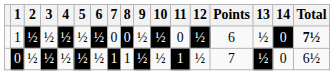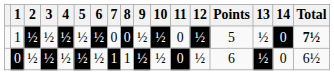 <table class="wikitable" style="text-align:center">
 <tr>
 <th></th>
 <th>1</th>
 <th>2</th>
 <th>3</th>
 <th>4</th>
 <th>5</th>
 <th>6</th>
 <th>7</th>
 <th>8</th>
 <th>9</th>
 <th>10</th>
 <th>11</th>
 <th>12</th>
 <th>Points</th>
 <th>13</th>
 <th>14</th>
 <th>Total</th>
 </tr>
 <tr>
 <td align=left></td>
 <td>1</td>
 <td style="background:black; color:white">½</td>
 <td>½</td>
 <td style="background:black; color:white">½</td>
 <td>½</td>
 <td style="background:black; color:white">½</td>
 <td>0</td>
 <td style="background:black; color:white">0</td>
 <td>½</td>
 <td style="background:black; color:white">½</td>
 <td>0</td>
 <td style="background:black; color:white">½</td>
-<td>6</td>
+<td>5</td>
 <td>½</td>
 <td style="background:black; color:white">0</td>
 <td><strong>7½</strong></td>
 </tr>
 <tr>
 <td align=left></td>
 <td style="background:black; color:white">0</td>
 <td>½</td>
 <td style="background:black; color:white">½</td>
 <td>½</td>
 <td style="background:black; color:white">½</td>
 <td>½</td>
 <td style="background:black; color:white">1</td>
 <td>1</td>
 <td style="background:black; color:white">½</td>
 <td>½</td>
-<td style="background:black; color:white">1</td>
+<td style="background:black; color:white">0</td>
 <td>½</td>
-<td>7</td>
+<td>6</td>
 <td style="background:black; color:white">½</td>
 <td>0</td>
 <td>6½</td>
 </tr>
 </table>
